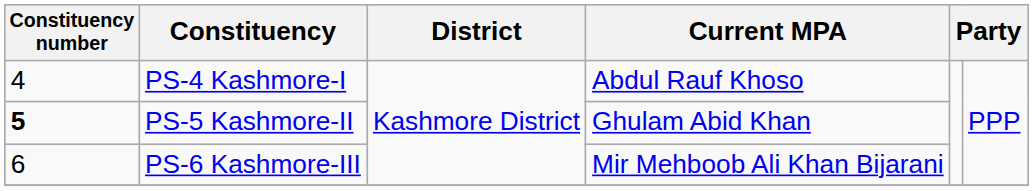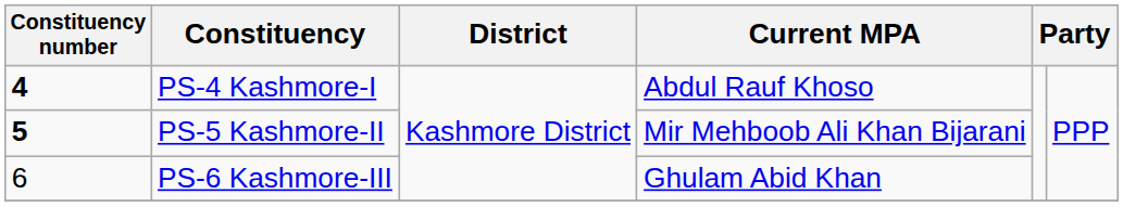 <table class="wikitable">
 <tr>
 <th width="50px" style="font-size:75%">Constituency number</th>
 <th>Constituency</th>
 <th>District</th>
 <th>Current MPA</th>
 <th colspan="2">Party</th>
 </tr>
 <tr>
-<td>4</td>
+<td><strong>4</strong></td>
 <td><a href='#'>PS-4 Kashmore-I</a></td>
 <td rowspan="3"><a href='#'>Kashmore District</a></td>
 <td><a href='#'>Abdul Rauf Khoso</a></td>
 <td rowspan="3"></td>
 <td rowspan="3"><a href='#'>PPP</a></td>
 </tr>
 <tr>
 <td><strong>5</strong></td>
 <td><a href='#'>PS-5 Kashmore-II</a></td>
-<td><a href='#'>Ghulam Abid Khan</a></td>
+<td><a href='#'>Mir Mehboob Ali Khan Bijarani</a></td>
 </tr>
 <tr>
 <td>6</td>
 <td><a href='#'>PS-6 Kashmore-III</a></td>
-<td><a href='#'>Mir Mehboob Ali Khan Bijarani</a></td>
+<td><a href='#'>Ghulam Abid Khan</a></td>
 </tr>
 <tr>
 </tr>
 </table>
